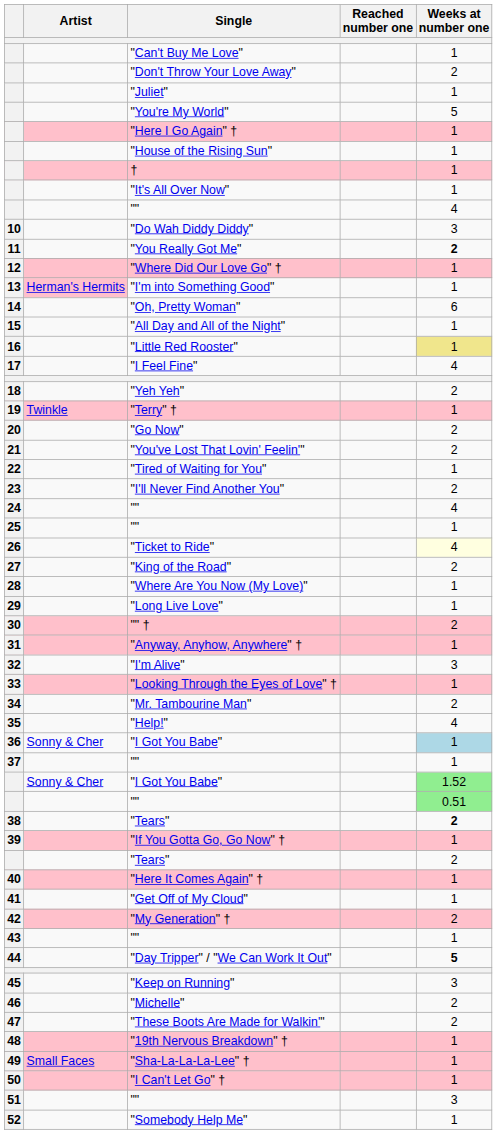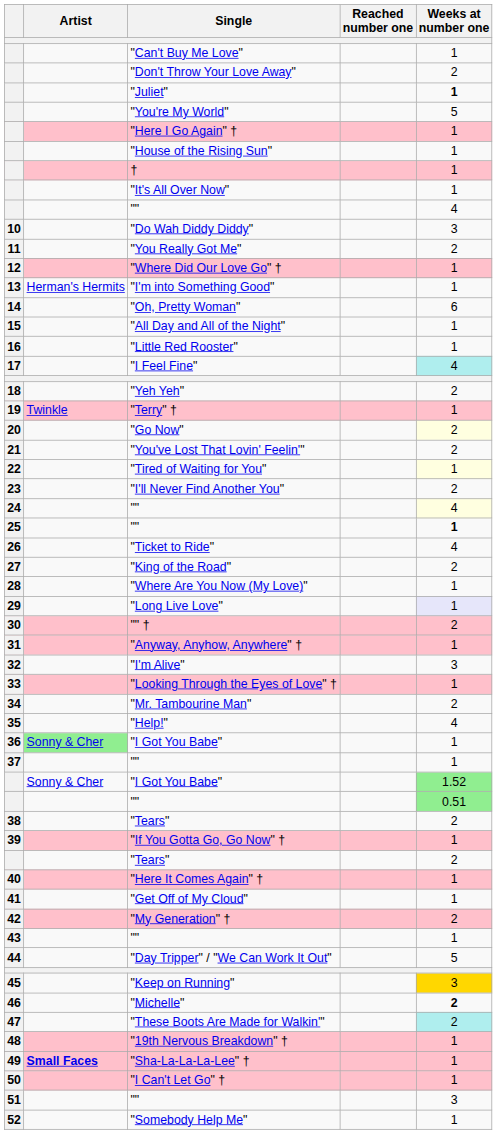 <table class="wikitable plainrowheaders sortable">
 <tr>
 <th scope=col></th>
 <th scope=col>Artist</th>
 <th scope=col>Single</th>
 <th scope=col>Reached<br>number one</th>
 <th scope=col>Weeks at<br>number one</th>
 </tr>
 <tr class=unsortable>
 <th scope=row style="text-align:center;" colspan=6></th>
 </tr>
 <tr>
 <th scope=row style="text-align:center;"></th>
 <td></td>
 <td>"<a href='#'>Can't Buy Me Love</a>"</td>
 <td></td>
 <td align="center">1</td>
 </tr>
 <tr>
 <th scope=row style="text-align:center;"></th>
 <td></td>
 <td>"<a href='#'>Don't Throw Your Love Away</a>"</td>
 <td></td>
 <td align="center">2</td>
 </tr>
 <tr>
 <th scope=row style="text-align:center;"></th>
 <td></td>
 <td>"<a href='#'>Juliet</a>"</td>
 <td></td>
-<td align="center">1</td>
+<td align="center"><strong>1</strong></td>
 </tr>
 <tr>
 <th scope=row style="text-align:center;"></th>
 <td></td>
 <td>"<a href='#'>You're My World</a>"</td>
 <td></td>
 <td align="center">5</td>
 </tr>
 <tr bgcolor="pink">
 <th scope=row style="text-align:center;"></th>
 <td></td>
 <td>"<a href='#'>Here I Go Again</a>" †</td>
 <td></td>
 <td align="center">1</td>
 </tr>
 <tr>
 <th scope=row style="text-align:center;"></th>
 <td></td>
 <td>"<a href='#'>House of the Rising Sun</a>"</td>
 <td></td>
 <td align="center">1</td>
 </tr>
 <tr bgcolor="pink">
 <th scope=row style="text-align:center;"></th>
 <td></td>
 <td><em></em> †</td>
 <td></td>
 <td align="center">1</td>
 </tr>
 <tr>
 <th scope=row style="text-align:center;"></th>
 <td></td>
 <td>"<a href='#'>It's All Over Now</a>"</td>
 <td></td>
 <td align="center">1</td>
 </tr>
 <tr>
 <th scope=row style="text-align:center;"></th>
 <td></td>
 <td>""</td>
 <td></td>
 <td align="center">4</td>
 </tr>
 <tr>
 <th scope=row style="text-align:center;">10</th>
 <td></td>
 <td>"<a href='#'>Do Wah Diddy Diddy</a>"</td>
 <td></td>
 <td align="center">3</td>
 </tr>
 <tr>
 <th scope=row style="text-align:center;">11</th>
 <td></td>
 <td>"<a href='#'>You Really Got Me</a>"</td>
 <td></td>
-<td align="center"><strong>2</strong></td>
+<td align="center">2</td>
 </tr>
 <tr bgcolor="pink">
 <th scope=row style="text-align:center;">12</th>
 <td></td>
 <td>"<a href='#'>Where Did Our Love Go</a>" †</td>
 <td></td>
 <td align="center">1</td>
 </tr>
 <tr>
 <th scope=row style="text-align:center;">13</th>
-<td style="background: pink;"><a href='#'>Herman's Hermits</a></td>
+<td><a href='#'>Herman's Hermits</a></td>
 <td>"<a href='#'>I'm into Something Good</a>"</td>
 <td></td>
 <td align="center">1</td>
 </tr>
 <tr>
 <th scope=row style="text-align:center;">14</th>
 <td></td>
 <td>"<a href='#'>Oh, Pretty Woman</a>"</td>
 <td></td>
 <td align="center">6</td>
 </tr>
 <tr>
 <th scope=row style="text-align:center;">15</th>
 <td></td>
 <td>"<a href='#'>All Day and All of the Night</a>"</td>
 <td></td>
 <td align="center">1</td>
 </tr>
 <tr>
 <th scope=row style="text-align:center;">16</th>
 <td></td>
 <td>"<a href='#'>Little Red Rooster</a>"</td>
 <td></td>
-<td align="center" style="background: khaki;">1</td>
+<td align="center">1</td>
 </tr>
 <tr>
 <th scope=row style="text-align:center;">17</th>
 <td></td>
 <td>"<a href='#'>I Feel Fine</a>"</td>
 <td></td>
-<td align="center">4</td>
+<td align="center" style="background: paleturquoise;">4</td>
 </tr>
 <tr class=unsortable>
 <th scope=row style="text-align:center;" colspan=6></th>
 </tr>
 <tr>
 <th scope=row style="text-align:center;">18</th>
 <td></td>
 <td>"<a href='#'>Yeh Yeh</a>"</td>
 <td></td>
 <td align="center">2</td>
 </tr>
 <tr bgcolor="pink">
 <th scope=row style="text-align:center;">19</th>
 <td><a href='#'>Twinkle</a></td>
 <td>"<a href='#'>Terry</a>" †</td>
 <td></td>
 <td align="center">1</td>
 </tr>
 <tr>
 <th scope=row style="text-align:center;">20</th>
 <td></td>
 <td>"<a href='#'>Go Now</a>"</td>
 <td></td>
-<td align="center">2</td>
+<td align="center" style="background: lightyellow;">2</td>
 </tr>
 <tr>
 <th scope=row style="text-align:center;">21</th>
 <td></td>
 <td>"<a href='#'>You've Lost That Lovin' Feelin'</a>"</td>
 <td></td>
 <td align="center">2</td>
 </tr>
 <tr>
 <th scope=row style="text-align:center;">22</th>
 <td></td>
 <td>"<a href='#'>Tired of Waiting for You</a>"</td>
 <td></td>
-<td align="center">1</td>
+<td align="center" style="background: lightyellow;">1</td>
 </tr>
 <tr>
 <th scope=row style="text-align:center;">23</th>
 <td></td>
 <td>"<a href='#'>I'll Never Find Another You</a>"</td>
 <td></td>
 <td align="center">2</td>
 </tr>
 <tr>
 <th scope=row style="text-align:center;">24</th>
 <td></td>
 <td>""</td>
 <td></td>
-<td align="center">4</td>
+<td align="center" style="background: lightyellow;">4</td>
 </tr>
 <tr>
 <th scope=row style="text-align:center;">25</th>
 <td></td>
 <td>""</td>
 <td></td>
-<td align="center">1</td>
+<td align="center"><strong>1</strong></td>
 </tr>
 <tr>
 <th scope=row style="text-align:center;">26</th>
 <td></td>
 <td>"<a href='#'>Ticket to Ride</a>"</td>
 <td></td>
-<td align="center" style="background: lightyellow;">4</td>
+<td align="center">4</td>
 </tr>
 <tr>
 <th scope=row style="text-align:center;">27</th>
 <td></td>
 <td>"<a href='#'>King of the Road</a>"</td>
 <td></td>
 <td align="center">2</td>
 </tr>
 <tr>
 <th scope=row style="text-align:center;">28</th>
 <td></td>
 <td>"<a href='#'>Where Are You Now (My Love)</a>"</td>
 <td></td>
 <td align="center">1</td>
 </tr>
 <tr>
 <th scope=row style="text-align:center;">29</th>
 <td></td>
 <td>"<a href='#'>Long Live Love</a>"</td>
 <td></td>
-<td align="center">1</td>
+<td align="center" style="background: lavender;">1</td>
 </tr>
 <tr bgcolor="pink">
 <th scope=row style="text-align:center;">30</th>
 <td></td>
 <td>"" †</td>
 <td></td>
 <td align="center">2</td>
 </tr>
 <tr bgcolor="pink">
 <th scope=row style="text-align:center;">31</th>
 <td></td>
 <td>"<a href='#'>Anyway, Anyhow, Anywhere</a>" †</td>
 <td></td>
 <td align="center">1</td>
 </tr>
 <tr>
 <th scope=row style="text-align:center;">32</th>
 <td></td>
 <td>"<a href='#'>I'm Alive</a>"</td>
 <td></td>
 <td align="center">3</td>
 </tr>
 <tr bgcolor="pink">
 <th scope=row style="text-align:center;">33</th>
 <td></td>
 <td>"<a href='#'>Looking Through the Eyes of Love</a>" †</td>
 <td></td>
 <td align="center">1</td>
 </tr>
 <tr>
 <th scope=row style="text-align:center;">34</th>
 <td></td>
 <td>"<a href='#'>Mr. Tambourine Man</a>"</td>
 <td></td>
 <td align="center">2</td>
 </tr>
 <tr>
 <th scope=row style="text-align:center;">35</th>
 <td></td>
 <td>"<a href='#'>Help!</a>"</td>
 <td></td>
 <td align="center">4</td>
 </tr>
 <tr>
 <th scope=row style="text-align:center;">36</th>
-<td><a href='#'>Sonny & Cher</a></td>
+<td style="background: lightgreen;"><a href='#'>Sonny & Cher</a></td>
 <td>"<a href='#'>I Got You Babe</a>"</td>
 <td></td>
-<td align="center" style="background: lightblue;">1</td>
+<td align="center">1</td>
 </tr>
 <tr>
 <th scope=row style="text-align:center;">37</th>
 <td></td>
 <td>""</td>
 <td></td>
 <td align="center">1</td>
 </tr>
 <tr>
 <th scope=row style="text-align:center;"></th>
 <td><a href='#'>Sonny & Cher</a></td>
 <td>"<a href='#'>I Got You Babe</a>"</td>
 <td></td>
 <td align="center" bgcolor="lightgreen"><span>1.5</span>2</td>
 </tr>
 <tr>
 <th scope=row style="text-align:center;"></th>
 <td></td>
 <td>""</td>
 <td></td>
 <td align="center" bgcolor="lightgreen"><span>0.5</span>1</td>
 </tr>
 <tr>
 <th scope=row style="text-align:center;">38</th>
 <td></td>
 <td>"<a href='#'>Tears</a>"</td>
 <td></td>
-<td align="center"><strong>2</strong></td>
+<td align="center">2</td>
 </tr>
 <tr bgcolor="pink">
 <th scope=row style="text-align:center;">39</th>
 <td></td>
 <td>"<a href='#'>If You Gotta Go, Go Now</a>" †</td>
 <td></td>
 <td align="center">1</td>
 </tr>
 <tr>
 <th scope=row style="text-align:center;"></th>
 <td></td>
 <td>"<a href='#'>Tears</a>"</td>
 <td></td>
 <td align="center">2</td>
 </tr>
 <tr bgcolor="pink">
 <th scope=row style="text-align:center;">40</th>
 <td></td>
 <td>"<a href='#'>Here It Comes Again</a>" †</td>
 <td></td>
 <td align="center">1</td>
 </tr>
 <tr>
 <th scope=row style="text-align:center;">41</th>
 <td></td>
 <td>"<a href='#'>Get Off of My Cloud</a>"</td>
 <td></td>
 <td align="center">1</td>
 </tr>
 <tr bgcolor="pink">
 <th scope=row style="text-align:center;">42</th>
 <td></td>
 <td>"<a href='#'>My Generation</a>" †</td>
 <td></td>
 <td align="center">2</td>
 </tr>
 <tr>
 <th scope=row style="text-align:center;">43</th>
 <td></td>
 <td>""</td>
 <td></td>
 <td align="center">1</td>
 </tr>
 <tr>
 <th scope=row style="text-align:center;">44</th>
 <td></td>
 <td>"<a href='#'>Day Tripper</a>" / "<a href='#'>We Can Work It Out</a>"</td>
 <td></td>
-<td align="center"><strong>5</strong></td>
+<td align="center">5</td>
 </tr>
 <tr class=unsortable>
 <th scope=row style="text-align:center;" colspan=6></th>
 </tr>
 <tr>
 <th scope=row style="text-align:center;">45</th>
 <td></td>
 <td>"<a href='#'>Keep on Running</a>"</td>
 <td></td>
-<td align="center">3</td>
+<td align="center" style="background: gold;">3</td>
 </tr>
 <tr>
 <th scope=row style="text-align:center;">46</th>
 <td></td>
 <td>"<a href='#'>Michelle</a>"</td>
 <td></td>
-<td align="center">2</td>
+<td align="center"><strong>2</strong></td>
 </tr>
 <tr>
 <th scope=row style="text-align:center;">47</th>
 <td></td>
 <td>"<a href='#'>These Boots Are Made for Walkin'</a>"</td>
 <td></td>
-<td align="center">2</td>
+<td align="center" style="background: paleturquoise;">2</td>
 </tr>
 <tr bgcolor=pink>
 <th scope=row style="text-align:center;">48</th>
 <td></td>
 <td>"<a href='#'>19th Nervous Breakdown</a>" †</td>
 <td></td>
 <td align="center">1</td>
 </tr>
 <tr bgcolor=pink>
 <th scope=row style="text-align:center;">49</th>
-<td><a href='#'>Small Faces</a></td>
+<td><strong><a href='#'>Small Faces</a></strong></td>
 <td>"<a href='#'>Sha-La-La-La-Lee</a>" †</td>
 <td></td>
 <td align="center">1</td>
 </tr>
 <tr bgcolor=pink>
 <th scope=row style="text-align:center;">50</th>
 <td></td>
 <td>"<a href='#'>I Can't Let Go</a>" †</td>
 <td></td>
 <td align="center">1</td>
 </tr>
 <tr>
 <th scope=row style="text-align:center;">51</th>
 <td></td>
 <td>""</td>
 <td></td>
 <td align="center">3</td>
 </tr>
 <tr>
 <th scope=row style="text-align:center;">52</th>
 <td></td>
 <td>"<a href='#'>Somebody Help Me</a>"</td>
 <td></td>
 <td align="center">1</td>
 </tr>
 </table>
